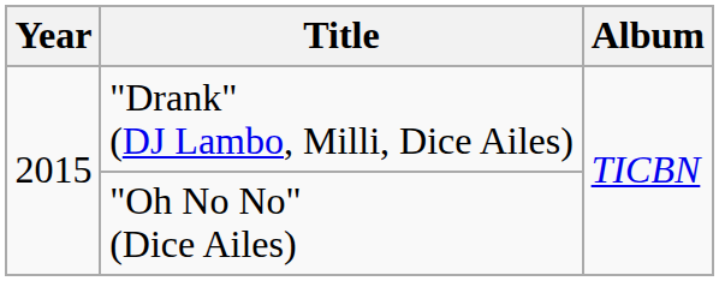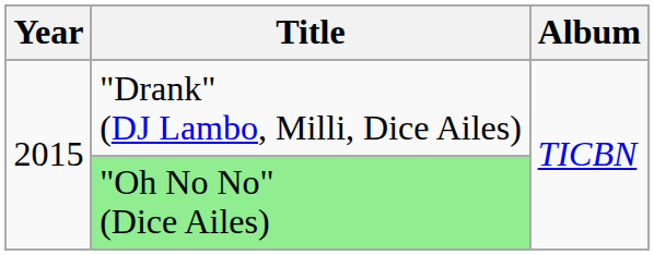 <table class="wikitable sortable">
 <tr>
 <th>Year</th>
 <th>Title</th>
 <th>Album</th>
 </tr>
 <tr>
 <td rowspan="2">2015</td>
 <td>"Drank" <br><span>(<a href='#'>DJ Lambo</a>, Milli, Dice Ailes) </span></td>
 <td rowspan="2"><em><a href='#'>TICBN</a></em></td>
 </tr>
 <tr>
-<td>"Oh No No" <br><span>(Dice Ailes)</span></td>
+<td style="background: lightgreen;">"Oh No No" <br><span>(Dice Ailes)</span></td>
 </tr>
 </table>
